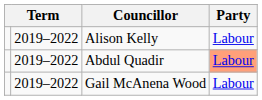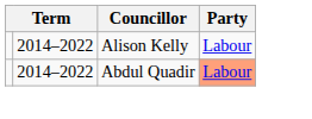 <table class="wikitable">
 <tr>
 <th colspan="2">Term</th>
 <th>Councillor</th>
 <th>Party</th>
 </tr>
 <tr>
 <td style="background:"></td>
-<td>2019–2022</td>
+<td>2014–2022</td>
 <td>Alison Kelly</td>
 <td><a href='#'>Labour</a></td>
 </tr>
 <tr>
 <td style="background:"></td>
-<td>2019–2022</td>
+<td>2014–2022</td>
 <td>Abdul Quadir</td>
 <td style="background: lightsalmon;"><a href='#'>Labour</a></td>
 </tr>
-<tr>
-<td style="background:"></td>
-<td>2019–2022</td>
-<td>Gail McAnena Wood</td>
-<td><a href='#'>Labour</a></td>
-</tr>
 </table>
